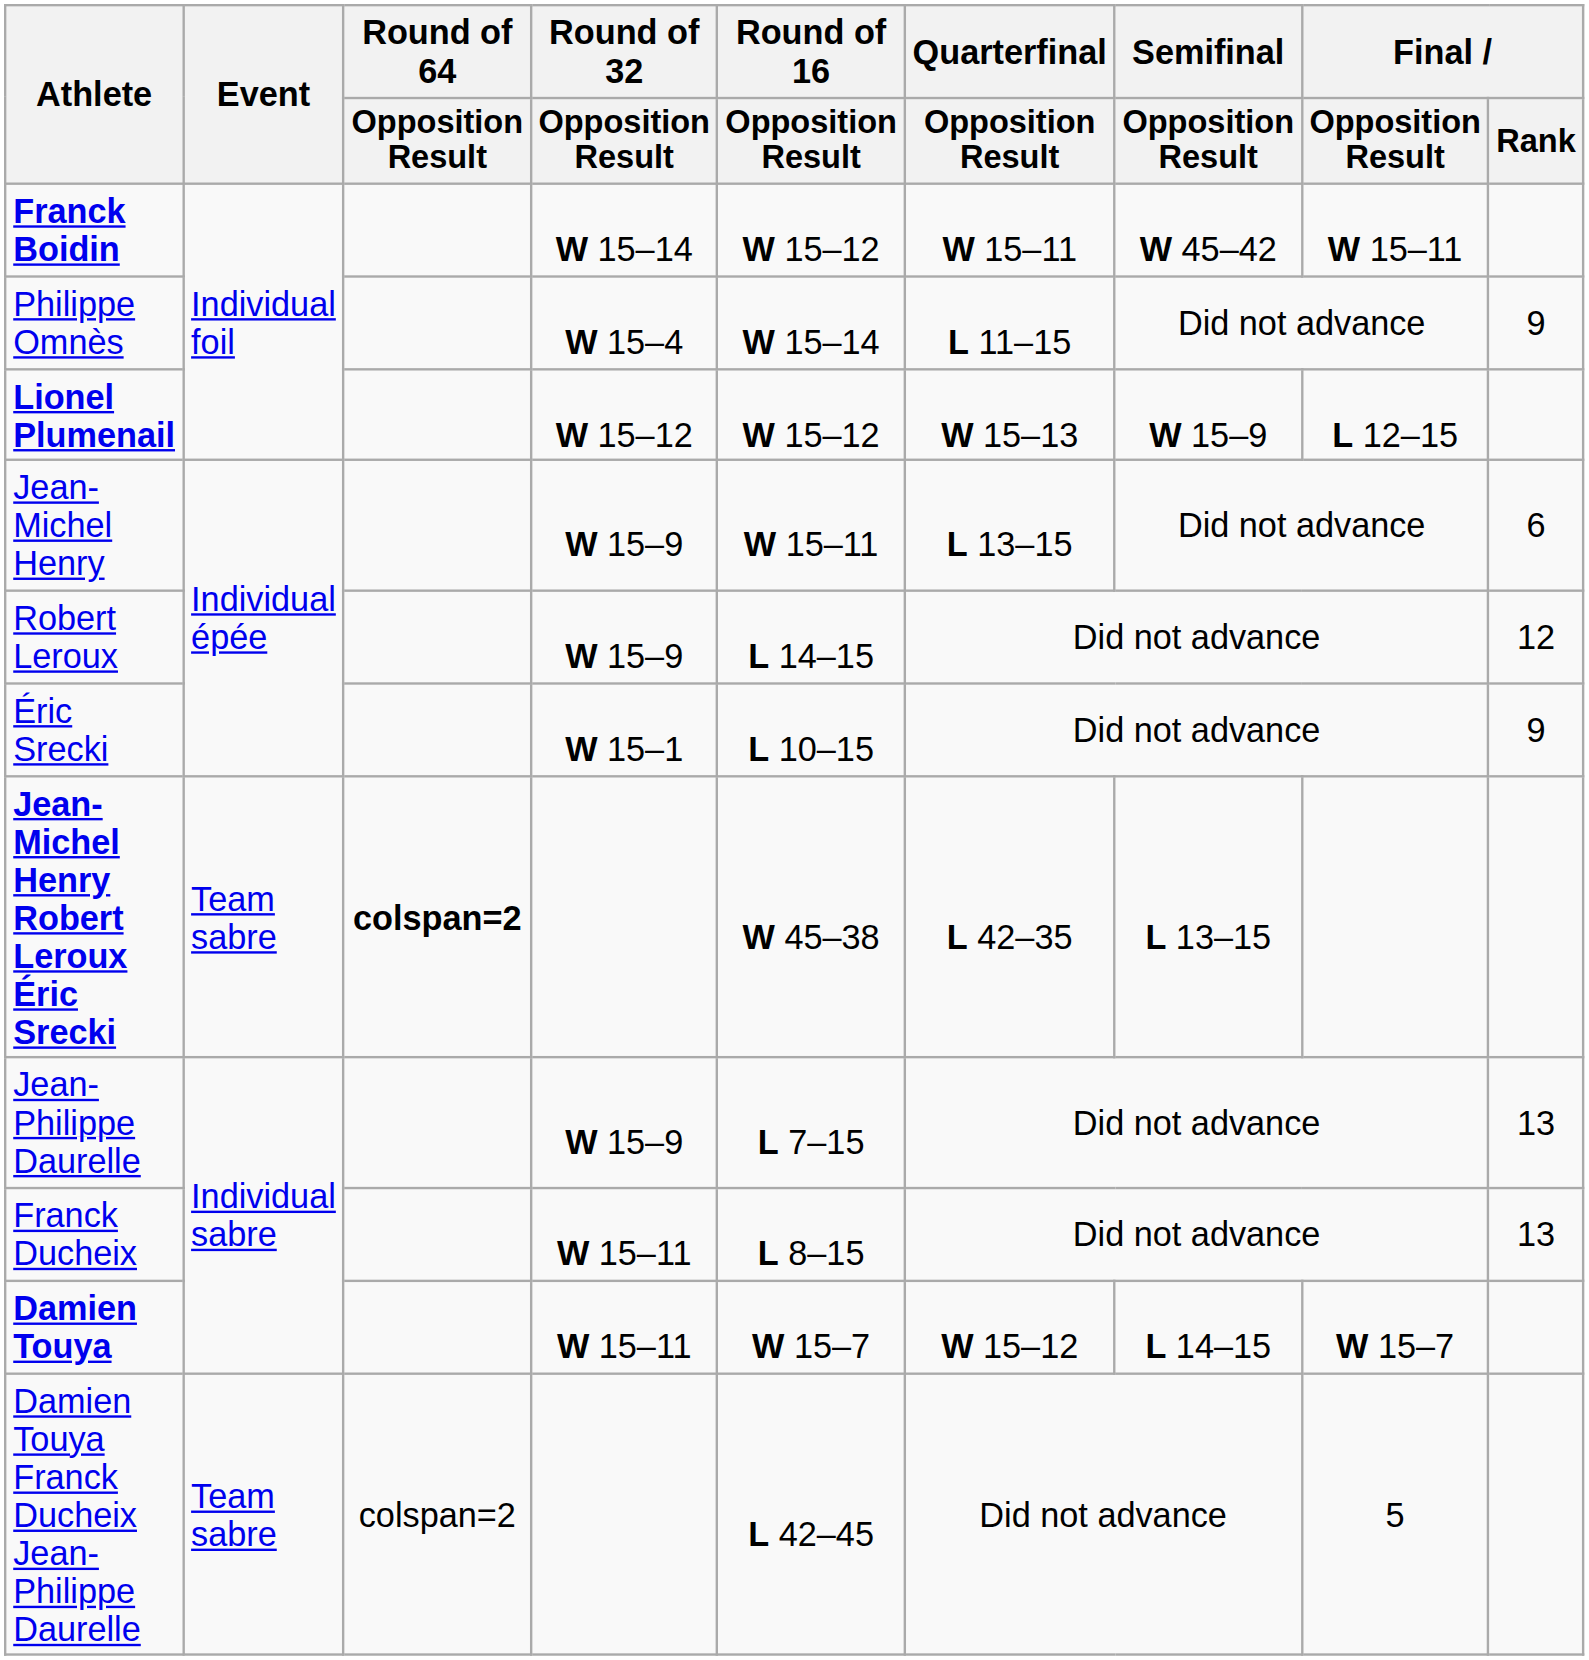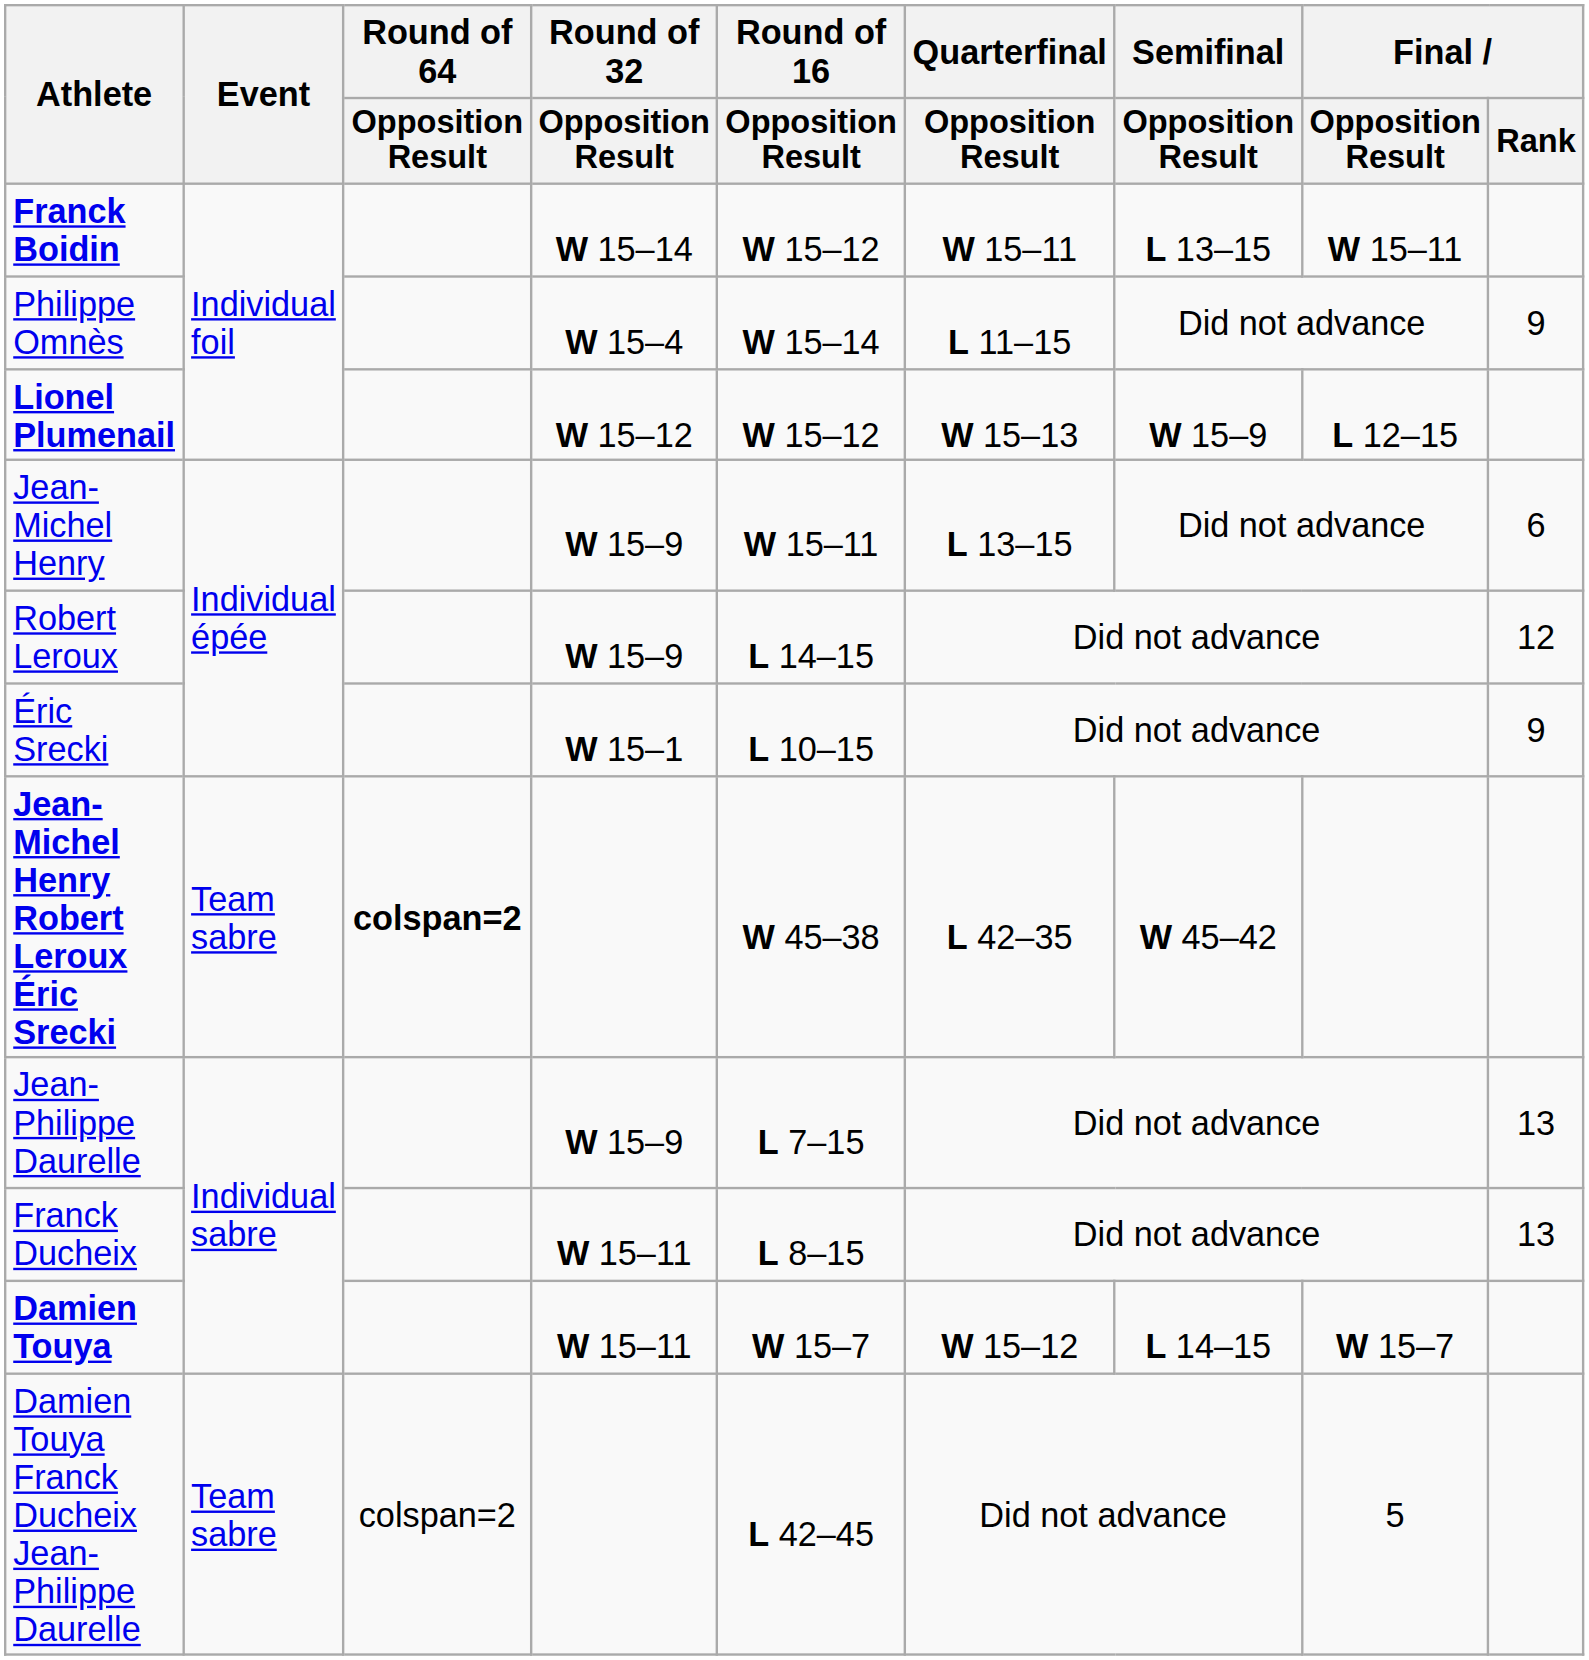 <table class=wikitable style=font-size:90%;text-align:center>
 <tr>
 <th rowspan=2>Athlete</th>
 <th rowspan=2>Event</th>
 <th>Round of 64</th>
 <th>Round of 32</th>
 <th>Round of 16</th>
 <th>Quarterfinal</th>
 <th>Semifinal</th>
 <th colspan=2>Final / </th>
 </tr>
 <tr style=font-size:95%>
 <th>Opposition<br>Result</th>
 <th>Opposition<br>Result</th>
 <th>Opposition<br>Result</th>
 <th>Opposition<br>Result</th>
 <th>Opposition<br>Result</th>
 <th>Opposition<br>Result</th>
 <th>Rank</th>
 </tr>
 <tr>
 <td align=left><strong><a href='#'>Franck Boidin</a></strong></td>
 <td align=left rowspan=3><a href='#'>Individual foil</a></td>
 <td></td>
 <td><br><strong>W</strong> 15–14</td>
 <td><br><strong>W</strong> 15–12</td>
 <td><br><strong>W</strong> 15–11</td>
-<td><br><strong>W</strong> 45–42</td>
+<td><br><strong>L</strong> 13–15</td>
 <td><br><strong>W</strong> 15–11</td>
 <td></td>
 </tr>
 <tr>
 <td align=left><a href='#'>Philippe Omnès</a></td>
 <td></td>
 <td><br><strong>W</strong> 15–4</td>
 <td><br><strong>W</strong> 15–14</td>
 <td><br><strong>L</strong> 11–15</td>
 <td colspan=2>Did not advance</td>
 <td>9</td>
 </tr>
 <tr>
 <td align=left><strong><a href='#'>Lionel Plumenail</a></strong></td>
 <td></td>
 <td><br><strong>W</strong> 15–12</td>
 <td><br><strong>W</strong> 15–12</td>
 <td><br><strong>W</strong> 15–13</td>
 <td><br><strong>W</strong> 15–9</td>
 <td><br><strong>L</strong> 12–15</td>
 <td></td>
 </tr>
 <tr>
 <td align=left><a href='#'>Jean-Michel Henry</a></td>
 <td align=left rowspan=3><a href='#'>Individual épée</a></td>
 <td></td>
 <td><br><strong>W</strong> 15–9</td>
 <td><br><strong>W</strong> 15–11</td>
 <td><br><strong>L</strong> 13–15</td>
 <td colspan=2>Did not advance</td>
 <td>6</td>
 </tr>
 <tr>
 <td align=left><a href='#'>Robert Leroux</a></td>
 <td></td>
 <td><br><strong>W</strong> 15–9</td>
 <td><br><strong>L</strong> 14–15</td>
 <td colspan=3>Did not advance</td>
 <td>12</td>
 </tr>
 <tr>
 <td align=left><a href='#'>Éric Srecki</a></td>
 <td></td>
 <td><br><strong>W</strong> 15–1</td>
 <td><br><strong>L</strong> 10–15</td>
 <td colspan=3>Did not advance</td>
 <td>9</td>
 </tr>
 <tr>
 <td align=left><strong><a href='#'>Jean-Michel Henry</a><br><a href='#'>Robert Leroux</a><br><a href='#'>Éric Srecki</a></strong></td>
 <td align=left><a href='#'>Team sabre</a></td>
 <td><strong>colspan=2 </strong></td>
 <td></td>
 <td><br><strong>W</strong> 45–38</td>
 <td><br><strong>L</strong> 42–35</td>
-<td><br><strong>L</strong> 13–15</td>
+<td><br><strong>W</strong> 45–42</td>
 <td></td>
 </tr>
 <tr>
 <td align=left><a href='#'>Jean-Philippe Daurelle</a></td>
 <td align=left rowspan=3><a href='#'>Individual sabre</a></td>
 <td></td>
 <td><br><strong>W</strong> 15–9</td>
 <td><br><strong>L</strong> 7–15</td>
 <td colspan=3>Did not advance</td>
 <td>13</td>
 </tr>
 <tr>
 <td align=left><a href='#'>Franck Ducheix</a></td>
 <td></td>
 <td><br><strong>W</strong> 15–11</td>
 <td><br><strong>L</strong> 8–15</td>
 <td colspan=3>Did not advance</td>
 <td>13</td>
 </tr>
 <tr>
 <td align=left><strong><a href='#'>Damien Touya</a></strong></td>
 <td></td>
 <td><br><strong>W</strong> 15–11</td>
 <td><br><strong>W</strong> 15–7</td>
 <td><br><strong>W</strong> 15–12</td>
 <td><br><strong>L</strong> 14–15</td>
 <td><br><strong>W</strong> 15–7</td>
 <td></td>
 </tr>
 <tr>
 <td align=left><a href='#'>Damien Touya</a><br><a href='#'>Franck Ducheix</a><br><a href='#'>Jean-Philippe Daurelle</a></td>
 <td align=left><a href='#'>Team sabre</a></td>
 <td>colspan=2 </td>
 <td></td>
 <td><br><strong>L</strong> 42–45</td>
 <td colspan=2>Did not advance</td>
 <td>5</td>
 </tr>
 </table>
